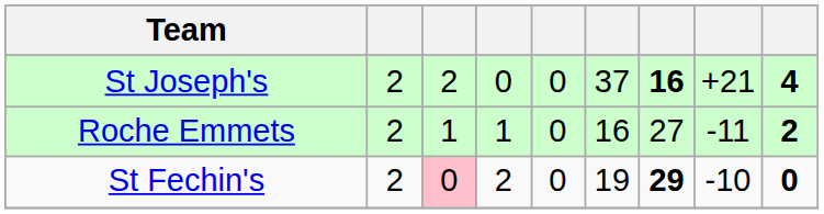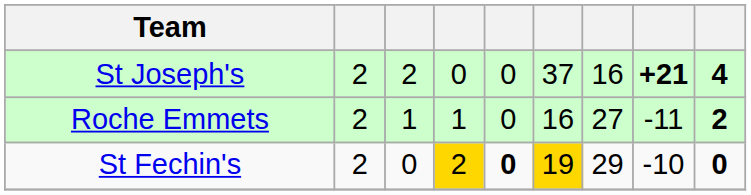 <table class="wikitable" style="text-align:center">
 <tr>
 <th style="width:175px;">Team</th>
 <th width="20"></th>
 <th width="20"></th>
 <th width="20"></th>
 <th width="20"></th>
 <th width="20"></th>
 <th width="20"></th>
 <th width="20"></th>
 <th width="20"></th>
 </tr>
 <tr style="background:#cfc;">
 <td><a href='#'>St Joseph's</a></td>
 <td>2</td>
 <td>2</td>
 <td>0</td>
 <td>0</td>
 <td>37</td>
-<td><strong>16</strong></td>
-<td>+21</td>
+<td>16</td>
+<td><strong>+21</strong></td>
 <td><strong>4</strong></td>
 </tr>
 <tr style="background:#cfc;">
 <td><a href='#'>Roche Emmets</a></td>
 <td>2</td>
 <td>1</td>
 <td>1</td>
 <td>0</td>
 <td>16</td>
 <td>27</td>
 <td>-11</td>
 <td><strong>2</strong></td>
 </tr>
 <tr>
 <td><a href='#'>St Fechin's</a></td>
 <td>2</td>
-<td style="background: pink;">0</td>
-<td>2</td>
 <td>0</td>
-<td>19</td>
-<td><strong>29</strong></td>
+<td style="background: gold;">2</td>
+<td><strong>0</strong></td>
+<td style="background: gold;">19</td>
+<td>29</td>
 <td>-10</td>
 <td><strong>0</strong></td>
 </tr>
 <tr>
 </tr>
 </table>
